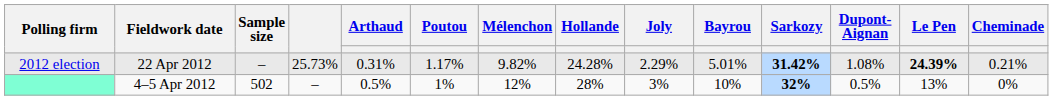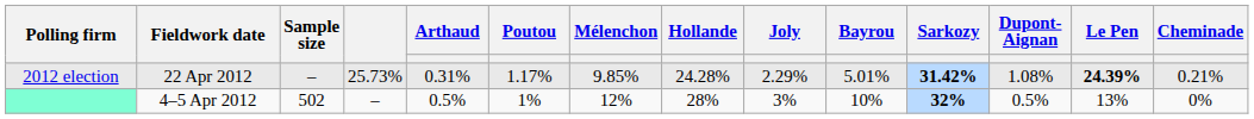 <table class="wikitable sortable" style="text-align:center;font-size:90%;line-height:14px;">
 <tr style="height:40px;">
 <th style="width:100px;" rowspan="2">Polling firm</th>
 <th style="width:110px;" rowspan="2">Fieldwork date</th>
 <th style="width:35px;" rowspan="2">Sample<br>size</th>
 <th style="width:30px;" rowspan="2"></th>
 <th class="unsortable" style="width:60px;"><a href='#'>Arthaud</a><br></th>
 <th class="unsortable" style="width:60px;"><a href='#'>Poutou</a><br></th>
 <th class="unsortable" style="width:60px;"><a href='#'>Mélenchon</a><br></th>
 <th class="unsortable" style="width:60px;"><a href='#'>Hollande</a><br></th>
 <th class="unsortable" style="width:60px;"><a href='#'>Joly</a><br></th>
 <th class="unsortable" style="width:60px;"><a href='#'>Bayrou</a><br></th>
 <th class="unsortable" style="width:60px;"><a href='#'>Sarkozy</a><br></th>
 <th class="unsortable" style="width:60px;"><a href='#'>Dupont-Aignan</a><br></th>
 <th class="unsortable" style="width:60px;"><a href='#'>Le Pen</a><br></th>
 <th class="unsortable" style="width:60px;"><a href='#'>Cheminade</a><br></th>
 </tr>
 <tr>
 <th style="background:"></th>
 <th style="background:"></th>
 <th style="background:"></th>
 <th style="background:"></th>
 <th style="background:"></th>
 <th style="background:"></th>
 <th style="background:"></th>
 <th style="background:"></th>
 <th style="background:"></th>
 <th style="background:"></th>
 </tr>
 <tr style="background:#E9E9E9;">
 <td><a href='#'>2012 election</a></td>
 <td data-sort-value="2012-04-22">22 Apr 2012</td>
 <td>–</td>
 <td>25.73%</td>
 <td>0.31%</td>
 <td>1.17%</td>
-<td>9.82%</td>
+<td>9.85%</td>
 <td>24.28%</td>
 <td>2.29%</td>
 <td>5.01%</td>
 <td style="background:#B9DAFF;"><strong>31.42%</strong></td>
 <td>1.08%</td>
 <td><strong>24.39%</strong></td>
 <td>0.21%</td>
 </tr>
 <tr>
 <td style="background:aquamarine;"> </td>
 <td data-sort-value="2012-04-05">4–5 Apr 2012</td>
 <td>502</td>
 <td>–</td>
 <td>0.5%</td>
 <td>1%</td>
 <td>12%</td>
 <td>28%</td>
 <td>3%</td>
 <td>10%</td>
 <td style="background:#B9DAFF;"><strong>32%</strong></td>
 <td>0.5%</td>
 <td>13%</td>
 <td>0%</td>
 </tr>
 </table>
